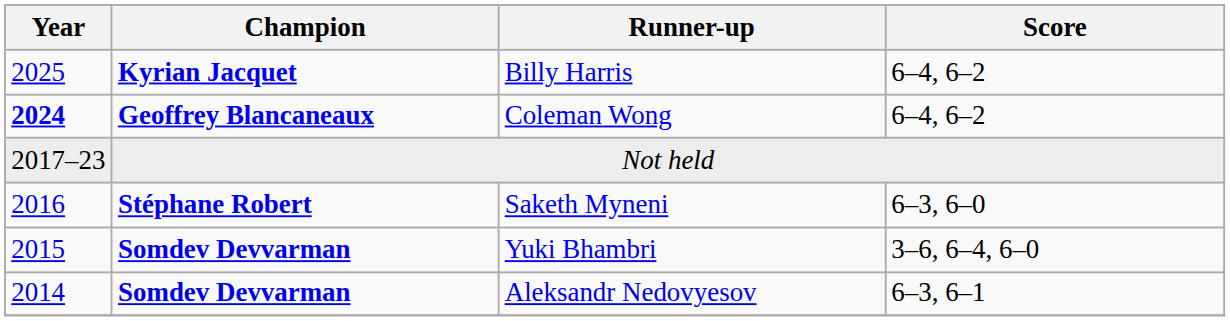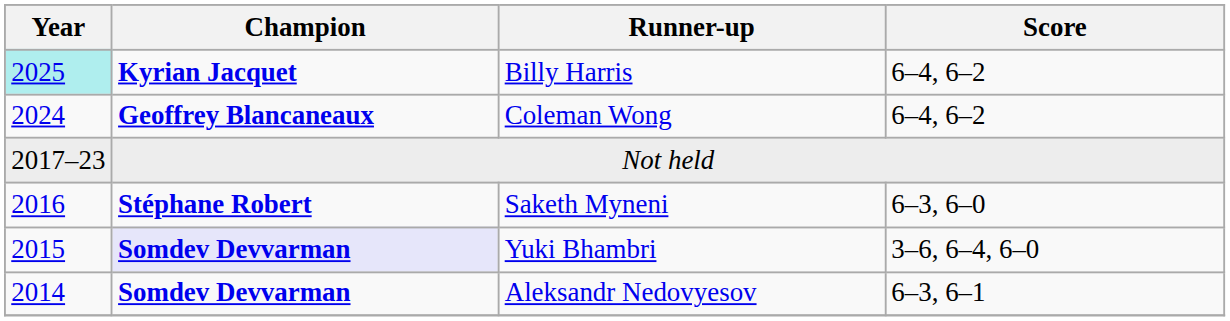 <table class="wikitable" style="font-size:90%">
 <tr>
 <th>Year</th>
 <th width="200">Champion</th>
 <th width="200">Runner-up</th>
 <th width="175">Score</th>
 </tr>
 <tr>
-<td><a href='#'>2025</a></td>
+<td style="background: paleturquoise;"><a href='#'>2025</a></td>
 <td> <strong><a href='#'>Kyrian Jacquet</a></strong></td>
 <td> <a href='#'>Billy Harris</a></td>
 <td>6–4, 6–2</td>
 </tr>
 <tr>
-<td><strong><a href='#'>2024</a></strong></td>
+<td><a href='#'>2024</a></td>
 <td> <strong><a href='#'>Geoffrey Blancaneaux</a></strong></td>
 <td> <a href='#'>Coleman Wong</a></td>
 <td>6–4, 6–2</td>
 </tr>
 <tr>
 <td style="background:#ededed">2017–23</td>
 <td colspan=3 align=center style="background:#ededed"><em>Not held</em></td>
 </tr>
 <tr>
 <td><a href='#'>2016</a></td>
 <td> <strong><a href='#'>Stéphane Robert</a></strong></td>
 <td> <a href='#'>Saketh Myneni</a></td>
 <td>6–3, 6–0</td>
 </tr>
 <tr>
 <td><a href='#'>2015</a></td>
-<td> <strong><a href='#'>Somdev Devvarman</a></strong></td>
+<td style="background: lavender;"> <strong><a href='#'>Somdev Devvarman</a></strong></td>
 <td> <a href='#'>Yuki Bhambri</a></td>
 <td>3–6, 6–4, 6–0</td>
 </tr>
 <tr>
 <td><a href='#'>2014</a></td>
 <td> <strong><a href='#'>Somdev Devvarman</a></strong></td>
 <td> <a href='#'>Aleksandr Nedovyesov</a></td>
 <td>6–3, 6–1</td>
 </tr>
 <tr>
 </tr>
 </table>
